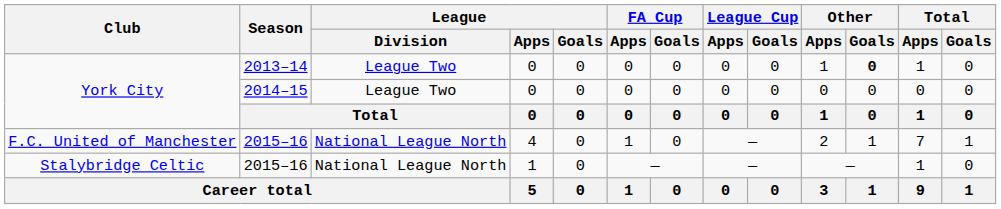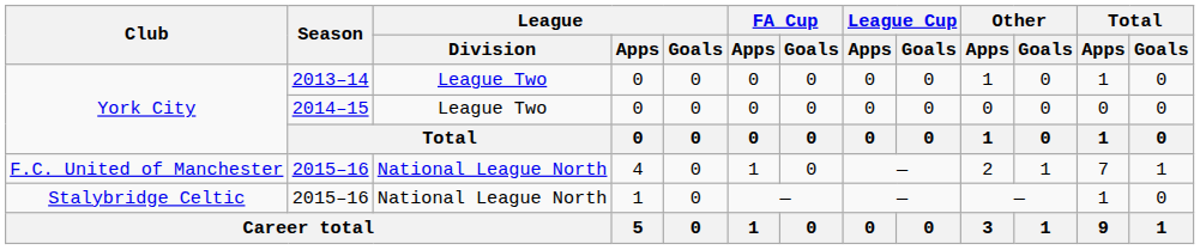 <table class=wikitable style="text-align:center">
 <tr>
 <th rowspan=2>Club</th>
 <th rowspan=2>Season</th>
 <th colspan=3>League</th>
 <th colspan=2><a href='#'>FA Cup</a></th>
 <th colspan=2><a href='#'>League Cup</a></th>
 <th colspan=2>Other</th>
 <th colspan=2>Total</th>
 </tr>
 <tr>
 <th>Division</th>
 <th>Apps</th>
 <th>Goals</th>
 <th>Apps</th>
 <th>Goals</th>
 <th>Apps</th>
 <th>Goals</th>
 <th>Apps</th>
 <th>Goals</th>
 <th>Apps</th>
 <th>Goals</th>
 </tr>
 <tr>
 <td rowspan=3><a href='#'>York City</a></td>
 <td><a href='#'>2013–14</a></td>
 <td><a href='#'>League Two</a></td>
 <td>0</td>
 <td>0</td>
 <td>0</td>
 <td>0</td>
 <td>0</td>
 <td>0</td>
 <td>1</td>
-<td><strong>0</strong></td>
+<td>0</td>
 <td>1</td>
 <td>0</td>
 </tr>
 <tr>
 <td><a href='#'>2014–15</a></td>
 <td>League Two</td>
 <td>0</td>
 <td>0</td>
 <td>0</td>
 <td>0</td>
 <td>0</td>
 <td>0</td>
 <td>0</td>
 <td>0</td>
 <td>0</td>
 <td>0</td>
 </tr>
 <tr>
 <th colspan=2>Total</th>
 <th>0</th>
 <th>0</th>
 <th>0</th>
 <th>0</th>
 <th>0</th>
 <th>0</th>
 <th>1</th>
 <th>0</th>
 <th>1</th>
 <th>0</th>
 </tr>
 <tr>
 <td><a href='#'>F.C. United of Manchester</a></td>
 <td><a href='#'>2015–16</a></td>
 <td><a href='#'>National League North</a></td>
 <td>4</td>
 <td>0</td>
 <td>1</td>
 <td>0</td>
 <td colspan=2>—</td>
 <td>2</td>
 <td>1</td>
 <td>7</td>
 <td>1</td>
 </tr>
 <tr>
 <td><a href='#'>Stalybridge Celtic</a></td>
 <td>2015–16</td>
 <td>National League North</td>
 <td>1</td>
 <td>0</td>
 <td colspan=2>—</td>
 <td colspan=2>—</td>
 <td colspan=2>—</td>
 <td>1</td>
 <td>0</td>
 </tr>
 <tr>
 <th colspan=3>Career total</th>
 <th>5</th>
 <th>0</th>
 <th>1</th>
 <th>0</th>
 <th>0</th>
 <th>0</th>
 <th>3</th>
 <th>1</th>
 <th>9</th>
 <th>1</th>
 </tr>
 </table>
